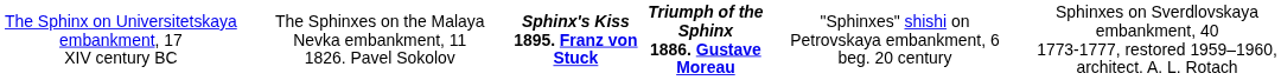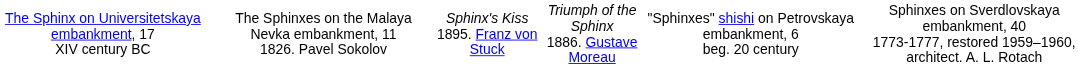 <table class="graytable" style="text-align:center">
 <tr>
 <td></td>
 <td></td>
 <td></td>
 <td></td>
 <td></td>
 <td></td>
 </tr>
 <tr>
 <td><a href='#'>The Sphinx on Universitetskaya embankment</a>, 17<br>XIV century BC</td>
 <td>The Sphinxes on the Malaya Nevka embankment, 11<br>1826. Pavel Sokolov</td>
-<td><strong><em>Sphinx's Kiss</em><br> 1895. <a href='#'>Franz von Stuck</a></strong></td>
-<td><strong><em>Triumph of the Sphinx</em><br> 1886. <a href='#'>Gustave Moreau</a></strong></td>
+<td><em>Sphinx's Kiss</em><br> 1895. <a href='#'>Franz von Stuck</a></td>
+<td><em>Triumph of the Sphinx</em><br> 1886. <a href='#'>Gustave Moreau</a></td>
 <td>"Sphinxes" <a href='#'>shishi</a> on Petrovskaya embankment, 6<br> beg. 20 century</td>
 <td>Sphinxes on Sverdlovskaya embankment, 40<br>1773-1777, restored 1959–1960, architect. A. L. Rotach</td>
 </tr>
 </table>
